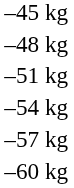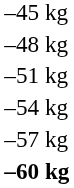 <table>
 <tr>
 <td>–45 kg</td>
 <td></td>
 <td nowrap></td>
 <td></td>
 </tr>
 <tr>
 <td rowspan=2>–48 kg</td>
 <td rowspan=2></td>
 <td rowspan=2></td>
 <td></td>
 </tr>
 <tr>
 <td></td>
 </tr>
 <tr>
 <td rowspan=2>–51 kg</td>
 <td rowspan=2 nowrap></td>
 <td rowspan=2></td>
 <td></td>
 </tr>
 <tr>
 <td></td>
 </tr>
 <tr>
 <td rowspan=2>–54 kg</td>
 <td rowspan=2></td>
 <td rowspan=2></td>
 <td></td>
 </tr>
 <tr>
 <td></td>
 </tr>
 <tr>
 <td rowspan=2>–57 kg</td>
 <td rowspan=2></td>
 <td rowspan=2></td>
 <td nowrap></td>
 </tr>
 <tr>
 <td></td>
 </tr>
 <tr>
-<td>–60 kg</td>
+<td><strong>–60 kg</strong></td>
 <td></td>
 <td></td>
 <td></td>
 </tr>
 </table>
